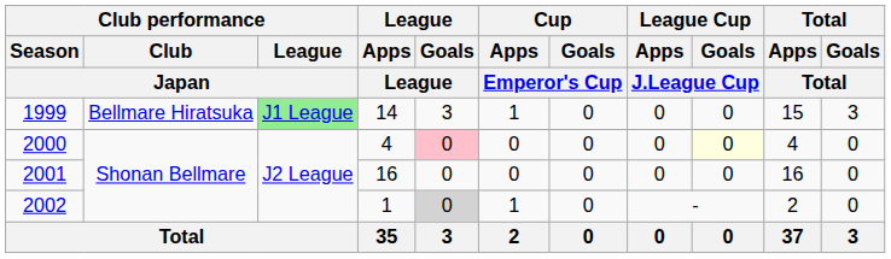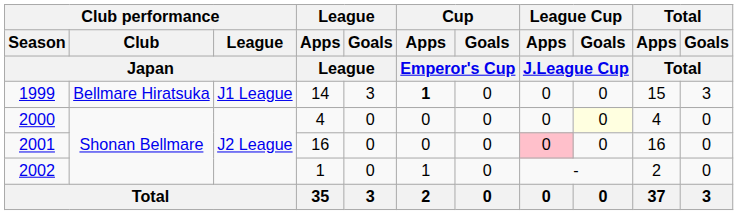 <table class="wikitable" style="text-align:center;">
 <tr>
 <th colspan=3>Club performance</th>
 <th colspan=2>League</th>
 <th colspan=2>Cup</th>
 <th colspan=2>League Cup</th>
 <th colspan=2>Total</th>
 </tr>
 <tr>
 <th>Season</th>
 <th>Club</th>
 <th>League</th>
 <th>Apps</th>
 <th>Goals</th>
 <th>Apps</th>
 <th>Goals</th>
 <th>Apps</th>
 <th>Goals</th>
 <th>Apps</th>
 <th>Goals</th>
 </tr>
 <tr>
 <th colspan=3>Japan</th>
 <th colspan=2>League</th>
 <th colspan=2><a href='#'>Emperor's Cup</a></th>
 <th colspan=2><a href='#'>J.League Cup</a></th>
 <th colspan=2>Total</th>
 </tr>
 <tr>
 <td><a href='#'>1999</a></td>
 <td><a href='#'>Bellmare Hiratsuka</a></td>
-<td style="background: lightgreen;"><a href='#'>J1 League</a></td>
+<td><a href='#'>J1 League</a></td>
 <td>14</td>
 <td>3</td>
-<td>1</td>
+<td><strong>1</strong></td>
 <td>0</td>
 <td>0</td>
 <td>0</td>
 <td>15</td>
 <td>3</td>
 </tr>
 <tr>
 <td><a href='#'>2000</a></td>
 <td rowspan="3"><a href='#'>Shonan Bellmare</a></td>
 <td rowspan="3"><a href='#'>J2 League</a></td>
 <td>4</td>
-<td style="background: pink;">0</td>
+<td>0</td>
 <td>0</td>
 <td>0</td>
 <td>0</td>
 <td style="background: lightyellow;">0</td>
 <td>4</td>
 <td>0</td>
 </tr>
 <tr>
 <td><a href='#'>2001</a></td>
 <td>16</td>
 <td>0</td>
 <td>0</td>
 <td>0</td>
-<td>0</td>
+<td style="background: pink;">0</td>
 <td>0</td>
 <td>16</td>
 <td>0</td>
 </tr>
 <tr>
 <td><a href='#'>2002</a></td>
 <td>1</td>
-<td style="background: lightgrey;">0</td>
+<td>0</td>
 <td>1</td>
 <td>0</td>
 <td colspan="2">-</td>
 <td>2</td>
 <td>0</td>
 </tr>
 <tr>
 <th colspan=3>Total</th>
 <th>35</th>
 <th>3</th>
 <th>2</th>
 <th>0</th>
 <th>0</th>
 <th>0</th>
 <th>37</th>
 <th>3</th>
 </tr>
 </table>
